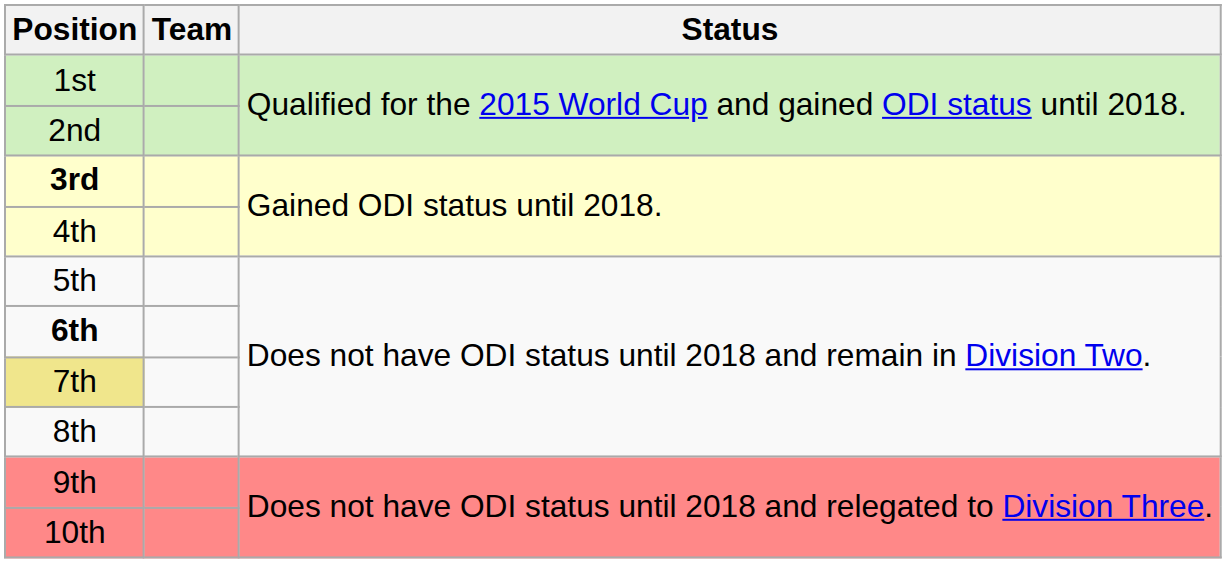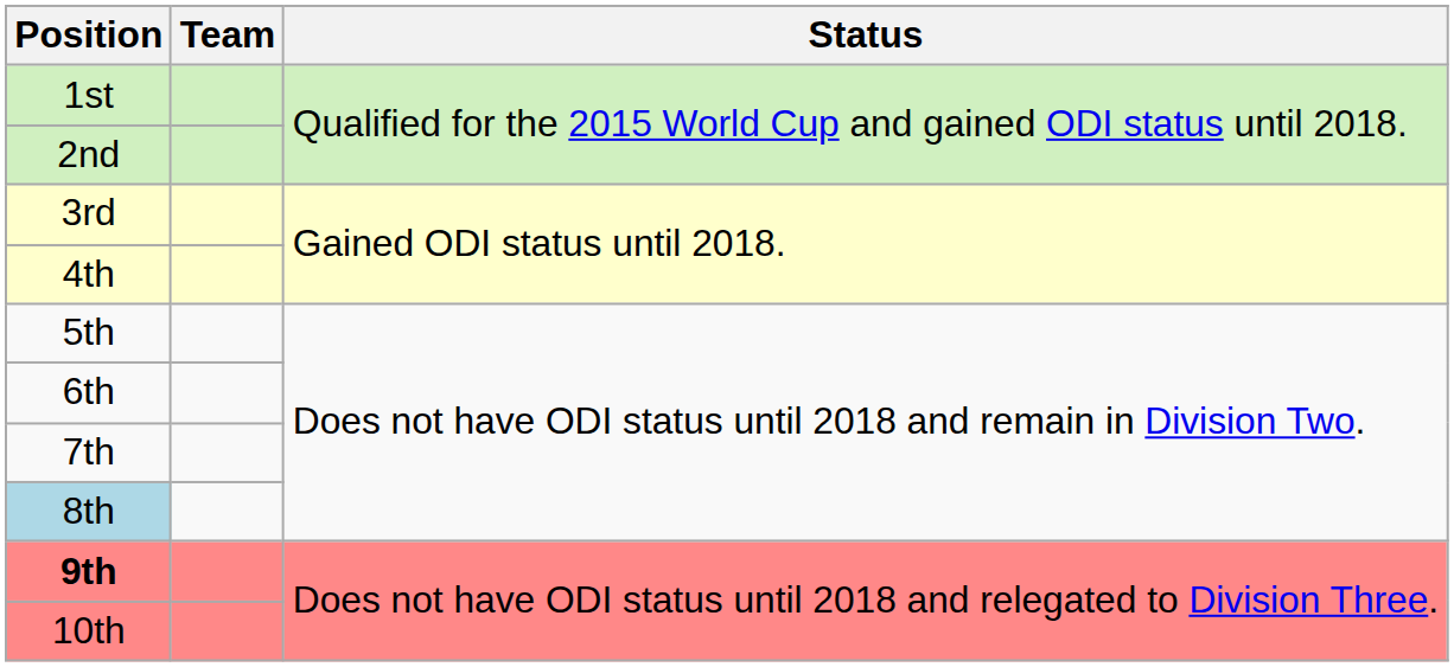 <table class="wikitable">
 <tr>
 <th>Position</th>
 <th>Team</th>
 <th>Status</th>
 </tr>
 <tr style="background: #D0F0C0">
 <td style="text-align:center;">1st</td>
 <td></td>
 <td rowspan=2>Qualified for the <a href='#'>2015 World Cup</a> and gained <a href='#'>ODI status</a> until 2018.</td>
 </tr>
 <tr style="background: #D0F0C0">
 <td style="text-align:center;">2nd</td>
 <td></td>
 </tr>
 <tr style="background: #ffc">
-<td style="text-align:center;"><strong>3rd</strong></td>
+<td style="text-align:center;">3rd</td>
 <td></td>
 <td rowspan=2>Gained ODI status until 2018.</td>
 </tr>
 <tr style="background: #ffc">
 <td style="text-align:center;">4th</td>
 <td></td>
 </tr>
 <tr>
 <td style="text-align:center;">5th</td>
 <td></td>
 <td rowspan=4>Does not have ODI status until 2018 and remain in <a href='#'>Division Two</a>.</td>
 </tr>
 <tr>
-<td style="text-align:center;"><strong>6th</strong></td>
+<td style="text-align:center;">6th</td>
 <td></td>
 </tr>
 <tr>
-<td style="background: khaki; text-align:center;">7th</td>
+<td style="text-align:center;">7th</td>
 <td></td>
 </tr>
 <tr>
-<td style="text-align:center;">8th</td>
+<td style="background: lightblue; text-align:center;">8th</td>
 <td></td>
 </tr>
 <tr style="background: #FF8888">
-<td style="text-align:center;">9th</td>
+<td style="text-align:center;"><strong>9th</strong></td>
 <td></td>
 <td rowspan=2>Does not have ODI status until 2018 and relegated to <a href='#'>Division Three</a>.</td>
 </tr>
 <tr style="background: #FF8888">
 <td style="text-align:center;">10th</td>
 <td></td>
 </tr>
 </table>
